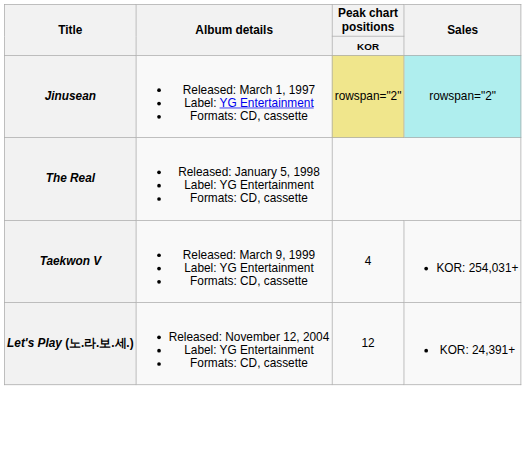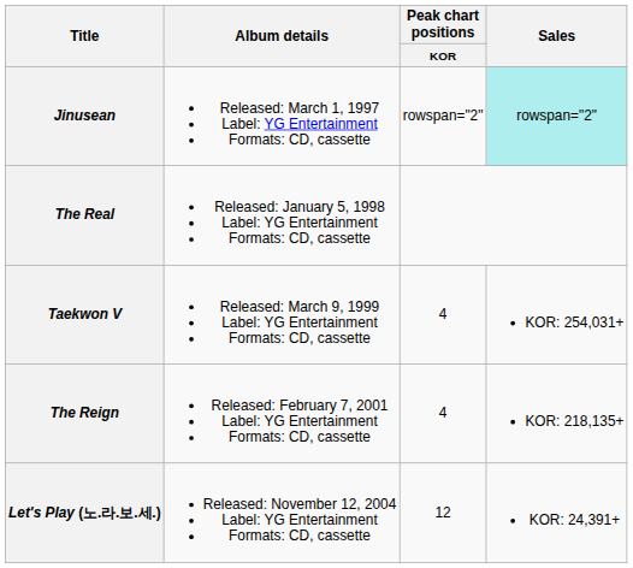 <table class="wikitable plainrowheaders" style="text-align:center;">
 <tr>
 <th scope="col" rowspan="2">Title</th>
 <th scope="col" rowspan="2">Album details</th>
 <th scope="col" colspan="1" style="width:5em;">Peak chart positions</th>
 <th scope="col" rowspan="2">Sales</th>
 </tr>
 <tr>
 <th><small>KOR</small><br></th>
 </tr>
 <tr>
 <th scope="row"><em>Jinusean</em></th>
 <td><br><ul><li>Released: March 1, 1997</li><li>Label: <a href='#'>YG Entertainment</a></li><li>Formats: CD, cassette</li></ul></td>
-<td style="background: khaki;">rowspan="2" </td>
+<td>rowspan="2" </td>
 <td style="background: paleturquoise;">rowspan="2" </td>
 </tr>
 <tr>
 <th scope="row"><em>The Real</em></th>
 <td><br><ul><li>Released: January 5, 1998</li><li>Label: YG Entertainment</li><li>Formats: CD, cassette</li></ul></td>
 </tr>
 <tr>
 <th scope="row"><em>Taekwon V</em></th>
 <td><br><ul><li>Released: March 9, 1999</li><li>Label: YG Entertainment</li><li>Formats: CD, cassette</li></ul></td>
 <td>4</td>
 <td><br><ul><li>KOR: 254,031+</li></ul></td>
 </tr>
 <tr>
+<th scope="row"><em>The Reign</em></th>
+<td><br><ul><li>Released: February 7, 2001</li><li>Label: YG Entertainment</li><li>Formats: CD, cassette</li></ul></td>
+<td>4</td>
+<td><br><ul><li>KOR: 218,135+</li></ul></td>
+</tr>
+<tr>
 <th scope="row"><em>Let's Play</em> (노.라.보.세.)</th>
 <td><br><ul><li>Released: November 12, 2004</li><li>Label: YG Entertainment</li><li>Formats: CD, cassette</li></ul></td>
 <td>12</td>
 <td><br><ul><li>KOR: 24,391+</li></ul></td>
 </tr>
 </table>
